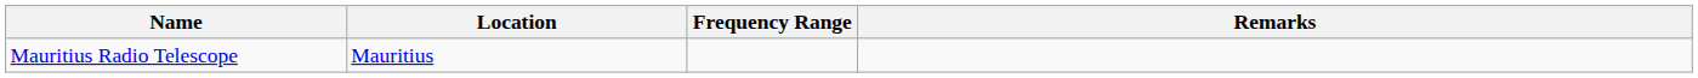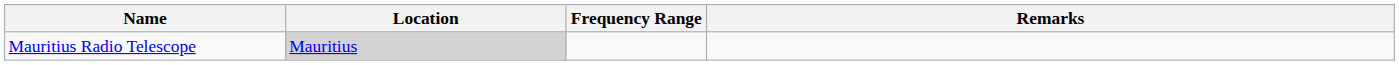 <table class="wikitable">
 <tr>
 <th style="width:20%;">Name</th>
 <th style="width:20%;">Location</th>
 <th style="width:10%;">Frequency Range</th>
 <th style="width:49%;">Remarks</th>
 </tr>
 <tr>
 <td><a href='#'>Mauritius Radio Telescope</a></td>
-<td><a href='#'>Mauritius</a></td>
+<td style="background: lightgrey;"><a href='#'>Mauritius</a></td>
 <td></td>
 </tr>
 </table>
